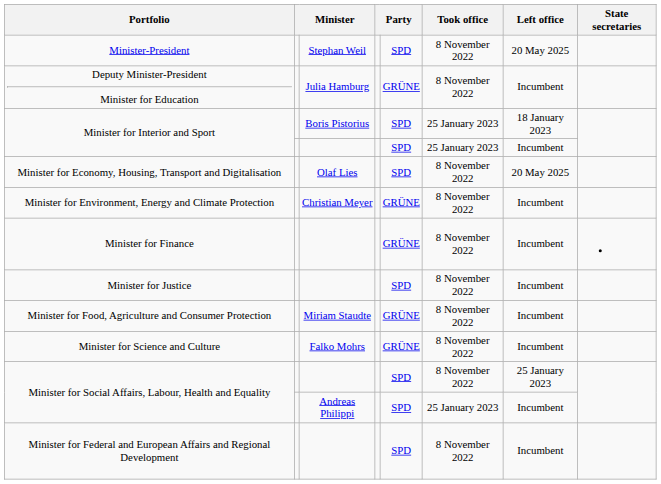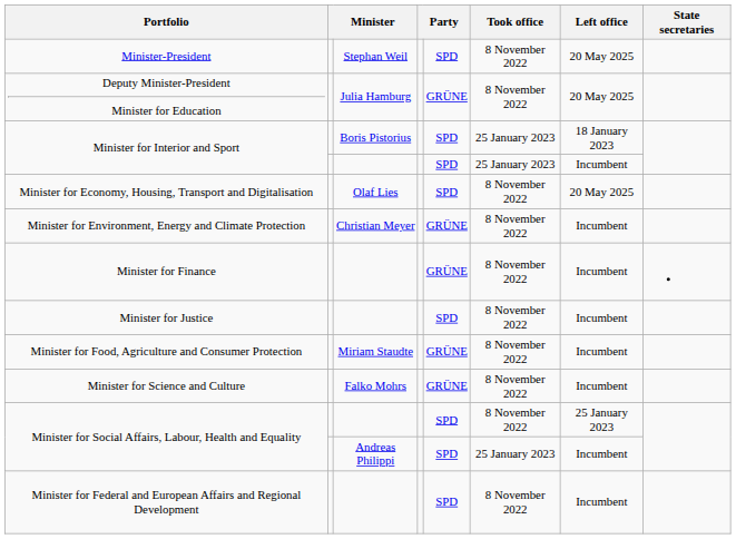 <table class=wikitable style="text-align:center; font-size:90%">
 <tr>
 <th>Portfolio</th>
 <th colspan=2>Minister</th>
 <th colspan=2>Party</th>
 <th>Took office</th>
 <th>Left office</th>
 <th>State secretaries</th>
 </tr>
 <tr>
 <td><a href='#'>Minister-President</a></td>
 <td></td>
 <td><a href='#'>Stephan Weil</a><br></td>
 <td bgcolor=></td>
 <td><a href='#'>SPD</a></td>
 <td>8 November 2022</td>
 <td>20 May 2025</td>
 <td></td>
 </tr>
 <tr>
 <td>Deputy Minister-President<hr>Minister for Education</td>
 <td></td>
 <td><a href='#'>Julia Hamburg</a><br></td>
 <td bgcolor=></td>
 <td><a href='#'>GRÜNE</a></td>
 <td>8 November 2022</td>
-<td>Incumbent</td>
+<td>20 May 2025</td>
 <td></td>
 </tr>
 <tr>
 <td rowspan="2">Minister for Interior and Sport</td>
 <td></td>
 <td><a href='#'>Boris Pistorius</a><br></td>
 <td bgcolor=></td>
 <td><a href='#'>SPD</a></td>
 <td>25 January 2023</td>
 <td>18 January 2023</td>
 <td rowspan="2"></td>
 </tr>
 <tr>
 <td></td>
 <td><br></td>
 <td></td>
 <td><a href='#'>SPD</a></td>
 <td>25 January 2023</td>
 <td>Incumbent</td>
 </tr>
 <tr>
 <td>Minister for Economy, Housing, Transport and Digitalisation</td>
 <td></td>
 <td><a href='#'>Olaf Lies</a><br></td>
 <td bgcolor=></td>
 <td><a href='#'>SPD</a></td>
 <td>8 November 2022</td>
 <td>20 May 2025</td>
 <td></td>
 </tr>
 <tr>
 <td>Minister for Environment, Energy and Climate Protection</td>
 <td></td>
 <td><a href='#'>Christian Meyer</a><br></td>
 <td bgcolor=></td>
 <td><a href='#'>GRÜNE</a></td>
 <td>8 November 2022</td>
 <td>Incumbent</td>
 <td></td>
 </tr>
 <tr>
 <td>Minister for Finance</td>
 <td></td>
 <td><br></td>
 <td bgcolor=></td>
 <td><a href='#'>GRÜNE</a></td>
 <td>8 November 2022</td>
 <td>Incumbent</td>
 <td><br><ul><li></li></ul></td>
 </tr>
 <tr>
 <td>Minister for Justice</td>
 <td></td>
 <td><br></td>
 <td bgcolor=></td>
 <td><a href='#'>SPD</a></td>
 <td>8 November 2022</td>
 <td>Incumbent</td>
 <td></td>
 </tr>
 <tr>
 <td>Minister for Food, Agriculture and Consumer Protection</td>
 <td></td>
 <td><a href='#'>Miriam Staudte</a><br></td>
 <td bgcolor=></td>
 <td><a href='#'>GRÜNE</a></td>
 <td>8 November 2022</td>
 <td>Incumbent</td>
 <td></td>
 </tr>
 <tr>
 <td>Minister for Science and Culture</td>
 <td></td>
 <td><a href='#'>Falko Mohrs</a><br></td>
 <td bgcolor=></td>
 <td><a href='#'>GRÜNE</a></td>
 <td>8 November 2022</td>
 <td>Incumbent</td>
 <td></td>
 </tr>
 <tr>
 <td rowspan="2">Minister for Social Affairs, Labour, Health and Equality</td>
 <td></td>
 <td><br></td>
 <td bgcolor=></td>
 <td><a href='#'>SPD</a></td>
 <td>8 November 2022</td>
 <td>25 January 2023</td>
 <td rowspan="2"></td>
 </tr>
 <tr>
 <td></td>
 <td><a href='#'>Andreas Philippi</a><br></td>
 <td></td>
 <td><a href='#'>SPD</a></td>
 <td>25 January 2023</td>
 <td>Incumbent</td>
 </tr>
 <tr style="height:75px">
 <td>Minister for Federal and European Affairs and Regional Development</td>
 <td></td>
 <td><br></td>
 <td></td>
 <td><a href='#'>SPD</a></td>
 <td>8 November 2022</td>
 <td>Incumbent</td>
 <td></td>
 </tr>
 </table>
